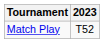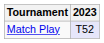 <table class="wikitable" style="text-align:center;">
 <tr>
 <th>Tournament</th>
 <th>2023</th>
 </tr>
 <tr>
 <td align="left"><a href='#'>Match Play</a></td>
-<td>T52</td>
+<td style="background: lavender;">T52</td>
 </tr>
 </table>
